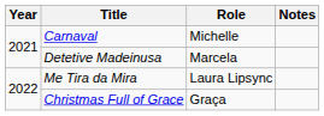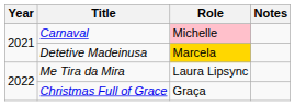 <table class="wikitable">
 <tr>
 <th>Year</th>
 <th>Title</th>
 <th>Role</th>
 <th>Notes</th>
 </tr>
 <tr>
 <td rowspan=2>2021</td>
 <td><em><a href='#'>Carnaval</a></em></td>
-<td>Michelle</td>
+<td style="background: pink;">Michelle</td>
 <td></td>
 </tr>
 <tr>
 <td><em>Detetive Madeinusa</em></td>
-<td>Marcela</td>
+<td style="background: gold;">Marcela</td>
 <td></td>
 </tr>
 <tr>
 <td rowspan=2>2022</td>
 <td><em>Me Tira da Mira</em></td>
 <td>Laura Lipsync</td>
 <td></td>
 </tr>
 <tr>
 <td><em><a href='#'>Christmas Full of Grace</a> </em></td>
 <td>Graça</td>
 <td></td>
 </tr>
 </table>
